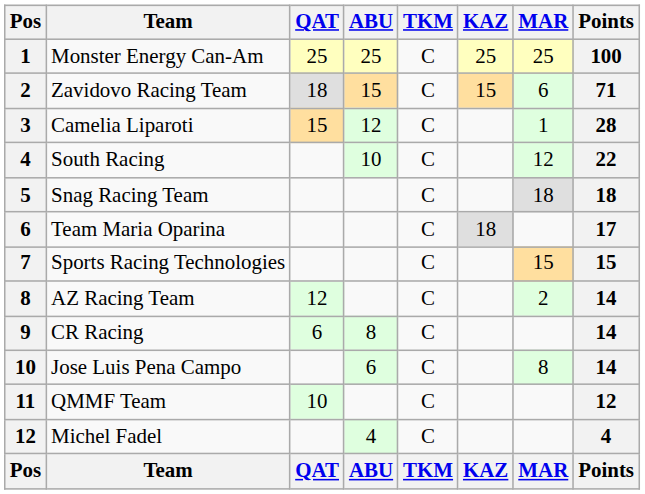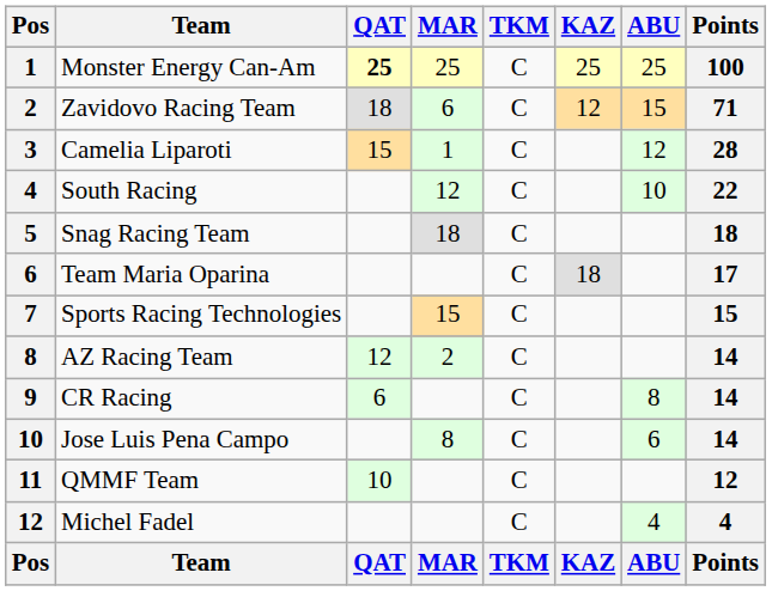 <table class="wikitable" style="font-size: 85%; text-align: center; display: inline-table;">
 <tr valign="top">
 <th valign="middle">Pos</th>
 <th valign="middle">Team</th>
 <th><a href='#'>QAT</a><br></th>
-<th><a href='#'>ABU</a><br></th>
+<th><a href='#'>MAR</a><br></th>
 <th><a href='#'>TKM</a><br></th>
 <th><a href='#'>KAZ</a><br></th>
-<th><a href='#'>MAR</a><br></th>
+<th><a href='#'>ABU</a><br></th>
 <th valign="middle">Points</th>
 </tr>
 <tr>
 <th>1</th>
 <td align=left> Monster Energy Can-Am</td>
-<td style="background:#ffffbf;">25</td>
+<td style="background:#ffffbf;"><strong>25</strong></td>
 <td style="background:#ffffbf;">25</td>
 <td>C</td>
 <td style="background:#ffffbf;">25</td>
 <td style="background:#ffffbf;">25</td>
 <th>100</th>
 </tr>
 <tr>
 <th>2</th>
 <td align=left> Zavidovo Racing Team</td>
 <td style="background:#dfdfdf;">18</td>
+<td style="background:#dfffdf;">6</td>
+<td>C</td>
+<td style="background:#ffdf9f;">12</td>
 <td style="background:#ffdf9f;">15</td>
-<td>C</td>
-<td style="background:#ffdf9f;">15</td>
-<td style="background:#dfffdf;">6</td>
 <th>71</th>
 </tr>
 <tr>
 <th>3</th>
 <td align=left> Camelia Liparoti</td>
 <td style="background:#ffdf9f;">15</td>
-<td style="background:#dfffdf;">12</td>
+<td style="background:#dfffdf;">1</td>
 <td>C</td>
 <td></td>
-<td style="background:#dfffdf;">1</td>
+<td style="background:#dfffdf;">12</td>
 <th>28</th>
 </tr>
 <tr>
 <th>4</th>
 <td align=left> South Racing</td>
 <td></td>
-<td style="background:#dfffdf;">10</td>
+<td style="background:#dfffdf;">12</td>
 <td>C</td>
 <td></td>
-<td style="background:#dfffdf;">12</td>
+<td style="background:#dfffdf;">10</td>
 <th>22</th>
 </tr>
 <tr>
 <th>5</th>
 <td align=left> Snag Racing Team</td>
 <td></td>
-<td></td>
+<td style="background:#dfdfdf;">18</td>
 <td>C</td>
 <td></td>
-<td style="background:#dfdfdf;">18</td>
+<td></td>
 <th>18</th>
 </tr>
 <tr>
 <th>6</th>
 <td align=left> Team Maria Oparina</td>
 <td></td>
 <td></td>
 <td>C</td>
 <td style="background:#dfdfdf;">18</td>
 <td></td>
 <th>17</th>
 </tr>
 <tr>
 <th>7</th>
 <td align=left> Sports Racing Technologies</td>
 <td></td>
-<td></td>
+<td style="background:#ffdf9f;">15</td>
 <td>C</td>
 <td></td>
-<td style="background:#ffdf9f;">15</td>
+<td></td>
 <th>15</th>
 </tr>
 <tr>
 <th>8</th>
 <td align=left> AZ Racing Team</td>
 <td style="background:#dfffdf;">12</td>
-<td></td>
+<td style="background:#dfffdf;">2</td>
 <td>C</td>
 <td></td>
-<td style="background:#dfffdf;">2</td>
+<td></td>
 <th>14</th>
 </tr>
 <tr>
 <th>9</th>
 <td align=left> CR Racing</td>
 <td style="background:#dfffdf;">6</td>
-<td style="background:#dfffdf;">8</td>
+<td></td>
 <td>C</td>
 <td></td>
-<td></td>
+<td style="background:#dfffdf;">8</td>
 <th>14</th>
 </tr>
 <tr>
 <th>10</th>
 <td align=left> Jose Luis Pena Campo</td>
 <td></td>
-<td style="background:#dfffdf;">6</td>
+<td style="background:#dfffdf;">8</td>
 <td>C</td>
 <td></td>
-<td style="background:#dfffdf;">8</td>
+<td style="background:#dfffdf;">6</td>
 <th>14</th>
 </tr>
 <tr>
 <th>11</th>
 <td align=left> QMMF Team</td>
 <td style="background:#dfffdf;">10</td>
 <td></td>
 <td>C</td>
 <td></td>
 <td></td>
 <th>12</th>
 </tr>
 <tr>
 <th>12</th>
 <td align=left> Michel Fadel</td>
 <td></td>
-<td style="background:#dfffdf;">4</td>
+<td></td>
 <td>C</td>
 <td></td>
-<td></td>
+<td style="background:#dfffdf;">4</td>
 <th>4</th>
 </tr>
 <tr valign="top">
 <th valign="middle">Pos</th>
 <th valign="middle">Team</th>
 <th><a href='#'>QAT</a><br></th>
-<th><a href='#'>ABU</a><br></th>
+<th><a href='#'>MAR</a><br></th>
 <th><a href='#'>TKM</a><br></th>
 <th><a href='#'>KAZ</a><br></th>
-<th><a href='#'>MAR</a><br></th>
+<th><a href='#'>ABU</a><br></th>
 <th valign="middle">Points</th>
 </tr>
 </table>
